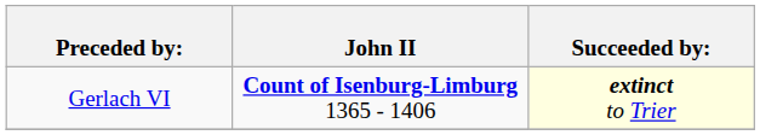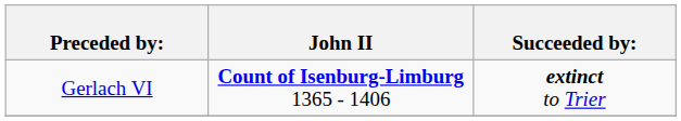 <table class="wikitable" style="margin:1em auto;">
 <tr align="center">
 <th width=150px><br>Preceded by:</th>
 <th width=200px><br>John II</th>
 <th width=150px><br>Succeeded by:</th>
 </tr>
 <tr align="center">
 <td><a href='#'>Gerlach VI</a></td>
 <td><strong><a href='#'>Count of Isenburg-Limburg</a></strong><br>1365 - 1406</td>
-<td style="background: lightyellow;"><strong><em>extinct</em></strong><br><em>to <a href='#'>Trier</a></em></td>
+<td><strong><em>extinct</em></strong><br><em>to <a href='#'>Trier</a></em></td>
 </tr>
 <tr>
 </tr>
 </table>
